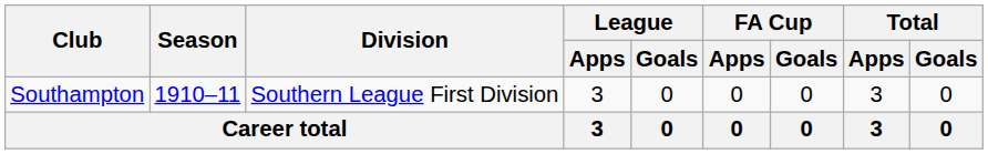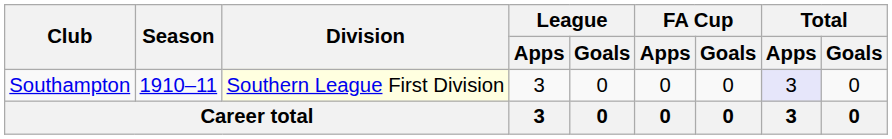 <table class="wikitable" style="text-align:center;">
 <tr>
 <th rowspan="2">Club</th>
 <th rowspan="2">Season</th>
 <th rowspan="2">Division</th>
 <th colspan="2">League</th>
 <th colspan="2">FA Cup</th>
 <th colspan="2">Total</th>
 </tr>
 <tr>
 <th>Apps</th>
 <th>Goals</th>
 <th>Apps</th>
 <th>Goals</th>
 <th>Apps</th>
 <th>Goals</th>
 </tr>
 <tr>
 <td><a href='#'>Southampton</a></td>
 <td><a href='#'>1910–11</a></td>
-<td><a href='#'>Southern League</a> First Division</td>
+<td style="background: lightyellow;"><a href='#'>Southern League</a> First Division</td>
 <td>3</td>
 <td>0</td>
 <td>0</td>
 <td>0</td>
-<td>3</td>
+<td style="background: lavender;">3</td>
 <td>0</td>
 </tr>
 <tr>
 <th colspan="3">Career total</th>
 <th>3</th>
 <th>0</th>
 <th>0</th>
 <th>0</th>
 <th>3</th>
 <th>0</th>
 </tr>
 </table>
